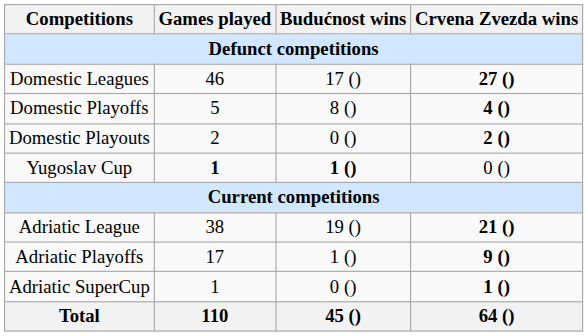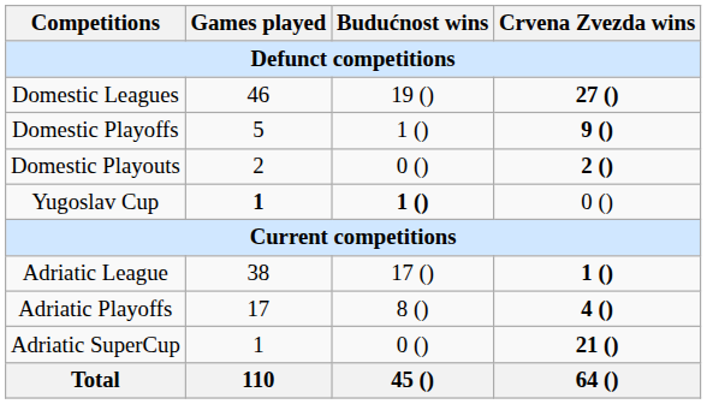 <table class="wikitable sortable" style="text-align:center">
 <tr>
 <th>Competitions</th>
 <th>Games played</th>
 <th>Budućnost wins</th>
 <th>Crvena Zvezda wins</th>
 </tr>
 <tr style="text-align:center;" bgcolor=#D0E7FF>
 <td colspan="4"><strong>Defunct competitions</strong></td>
 </tr>
 <tr>
 <td>Domestic Leagues</td>
 <td>46</td>
-<td>17 ()</td>
+<td>19 ()</td>
 <td><strong>27 ()</strong></td>
 </tr>
 <tr>
 <td>Domestic Playoffs</td>
 <td>5</td>
-<td>8 ()</td>
-<td><strong>4 ()</strong></td>
+<td>1 ()</td>
+<td><strong>9 ()</strong></td>
 </tr>
 <tr>
 <td>Domestic Playouts</td>
 <td>2</td>
 <td>0 ()</td>
 <td><strong>2 ()</strong></td>
 </tr>
 <tr>
 <td>Yugoslav Cup</td>
 <td><strong>1</strong></td>
 <td><strong>1 ()</strong></td>
 <td>0 ()</td>
 </tr>
 <tr style="text-align:center;" bgcolor=#D0E7FF>
 <td colspan="5"><strong>Current competitions</strong></td>
 </tr>
 <tr>
 <td>Adriatic League</td>
 <td>38</td>
-<td>19 ()</td>
-<td><strong>21 ()</strong></td>
+<td>17 ()</td>
+<td><strong>1 ()</strong></td>
 </tr>
 <tr>
 <td>Adriatic Playoffs</td>
 <td>17</td>
-<td>1 ()</td>
-<td><strong>9 ()</strong></td>
+<td>8 ()</td>
+<td><strong>4 ()</strong></td>
 </tr>
 <tr>
 <td>Adriatic SuperCup</td>
 <td>1</td>
 <td>0 ()</td>
-<td><strong>1 ()</strong></td>
+<td><strong>21 ()</strong></td>
 </tr>
 <tr>
 <th>Total</th>
 <th>110</th>
 <th>45 ()</th>
 <th>64 ()</th>
 </tr>
 </table>
